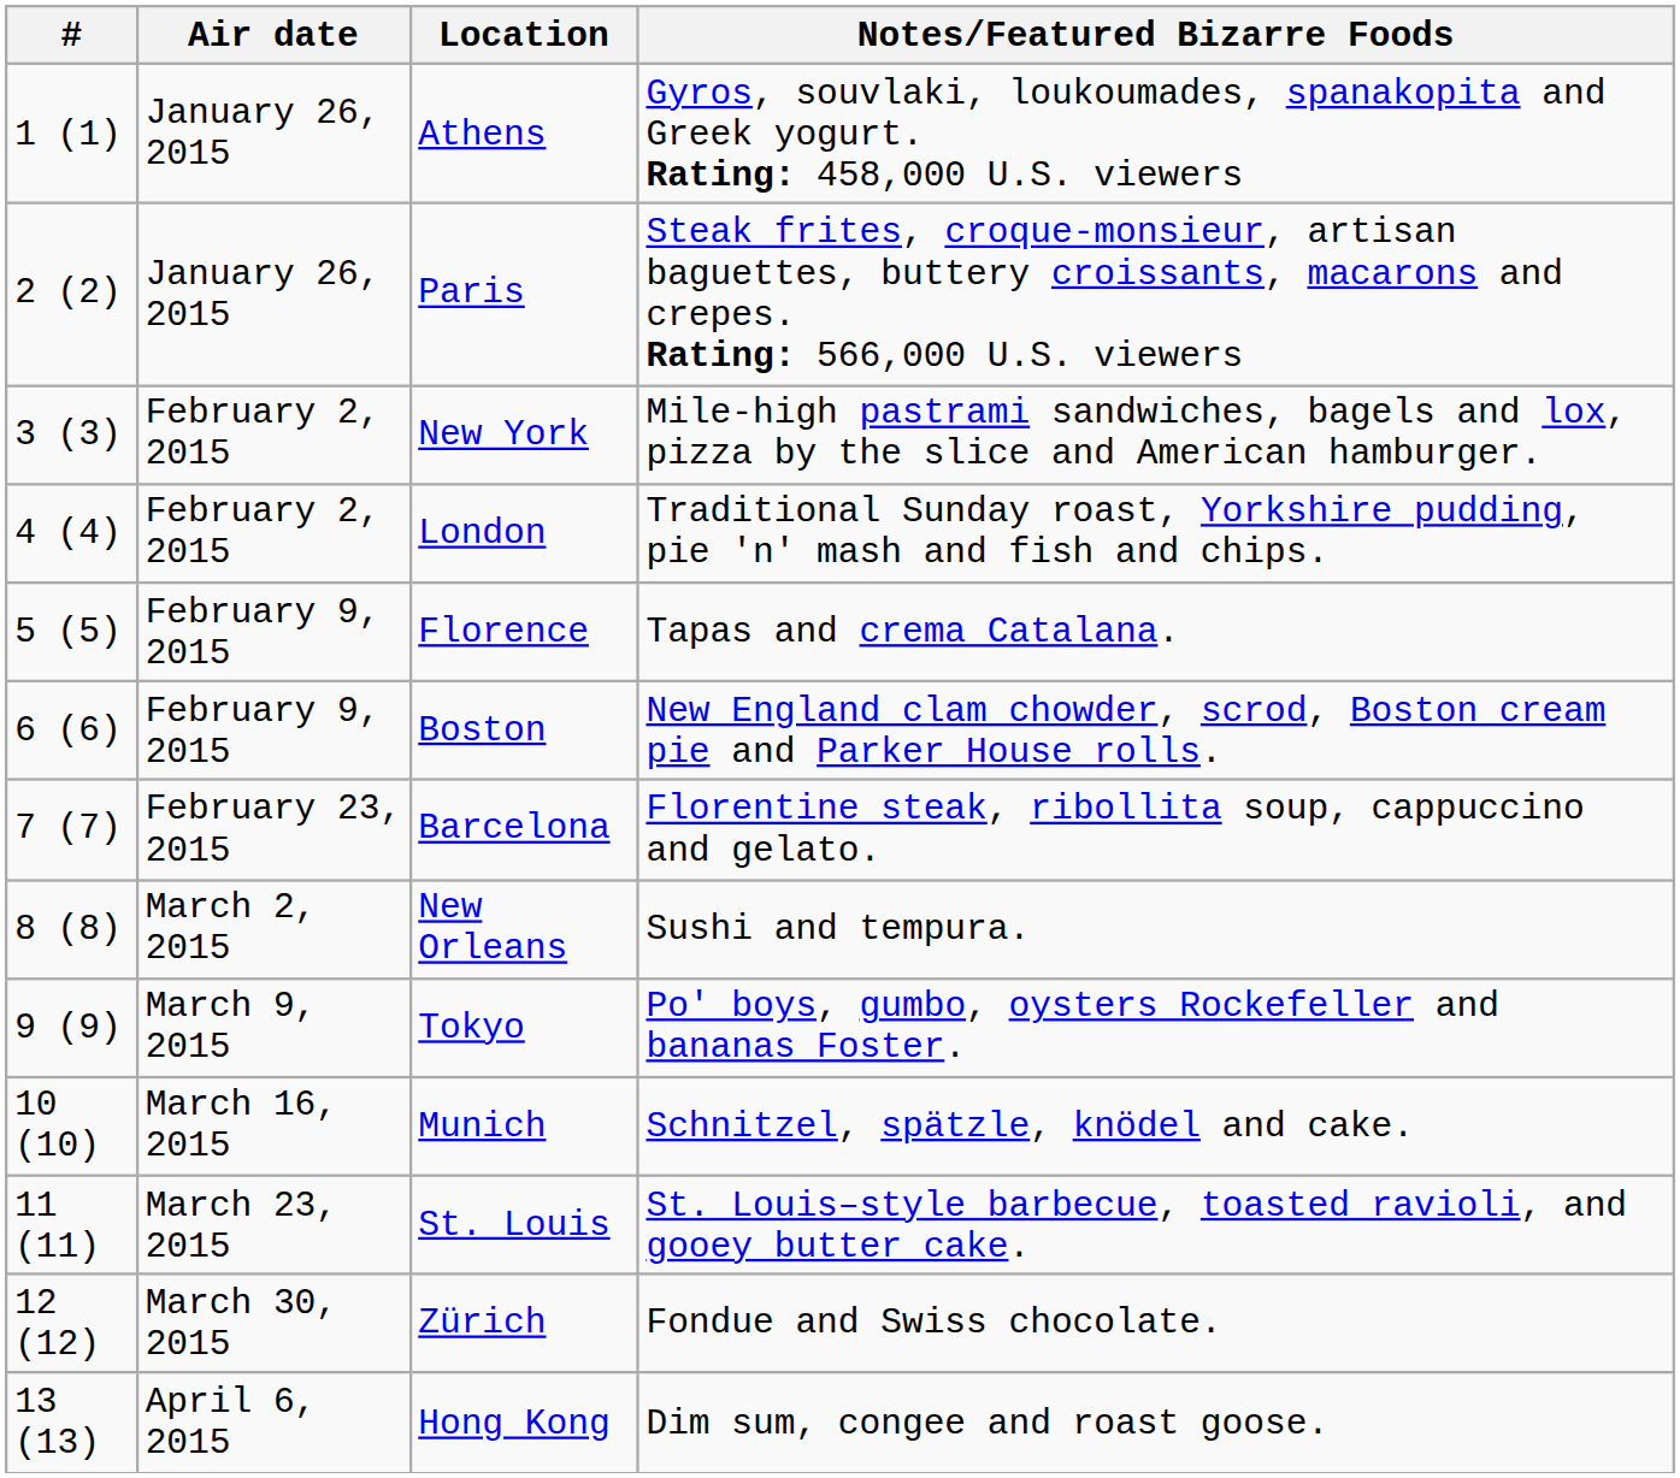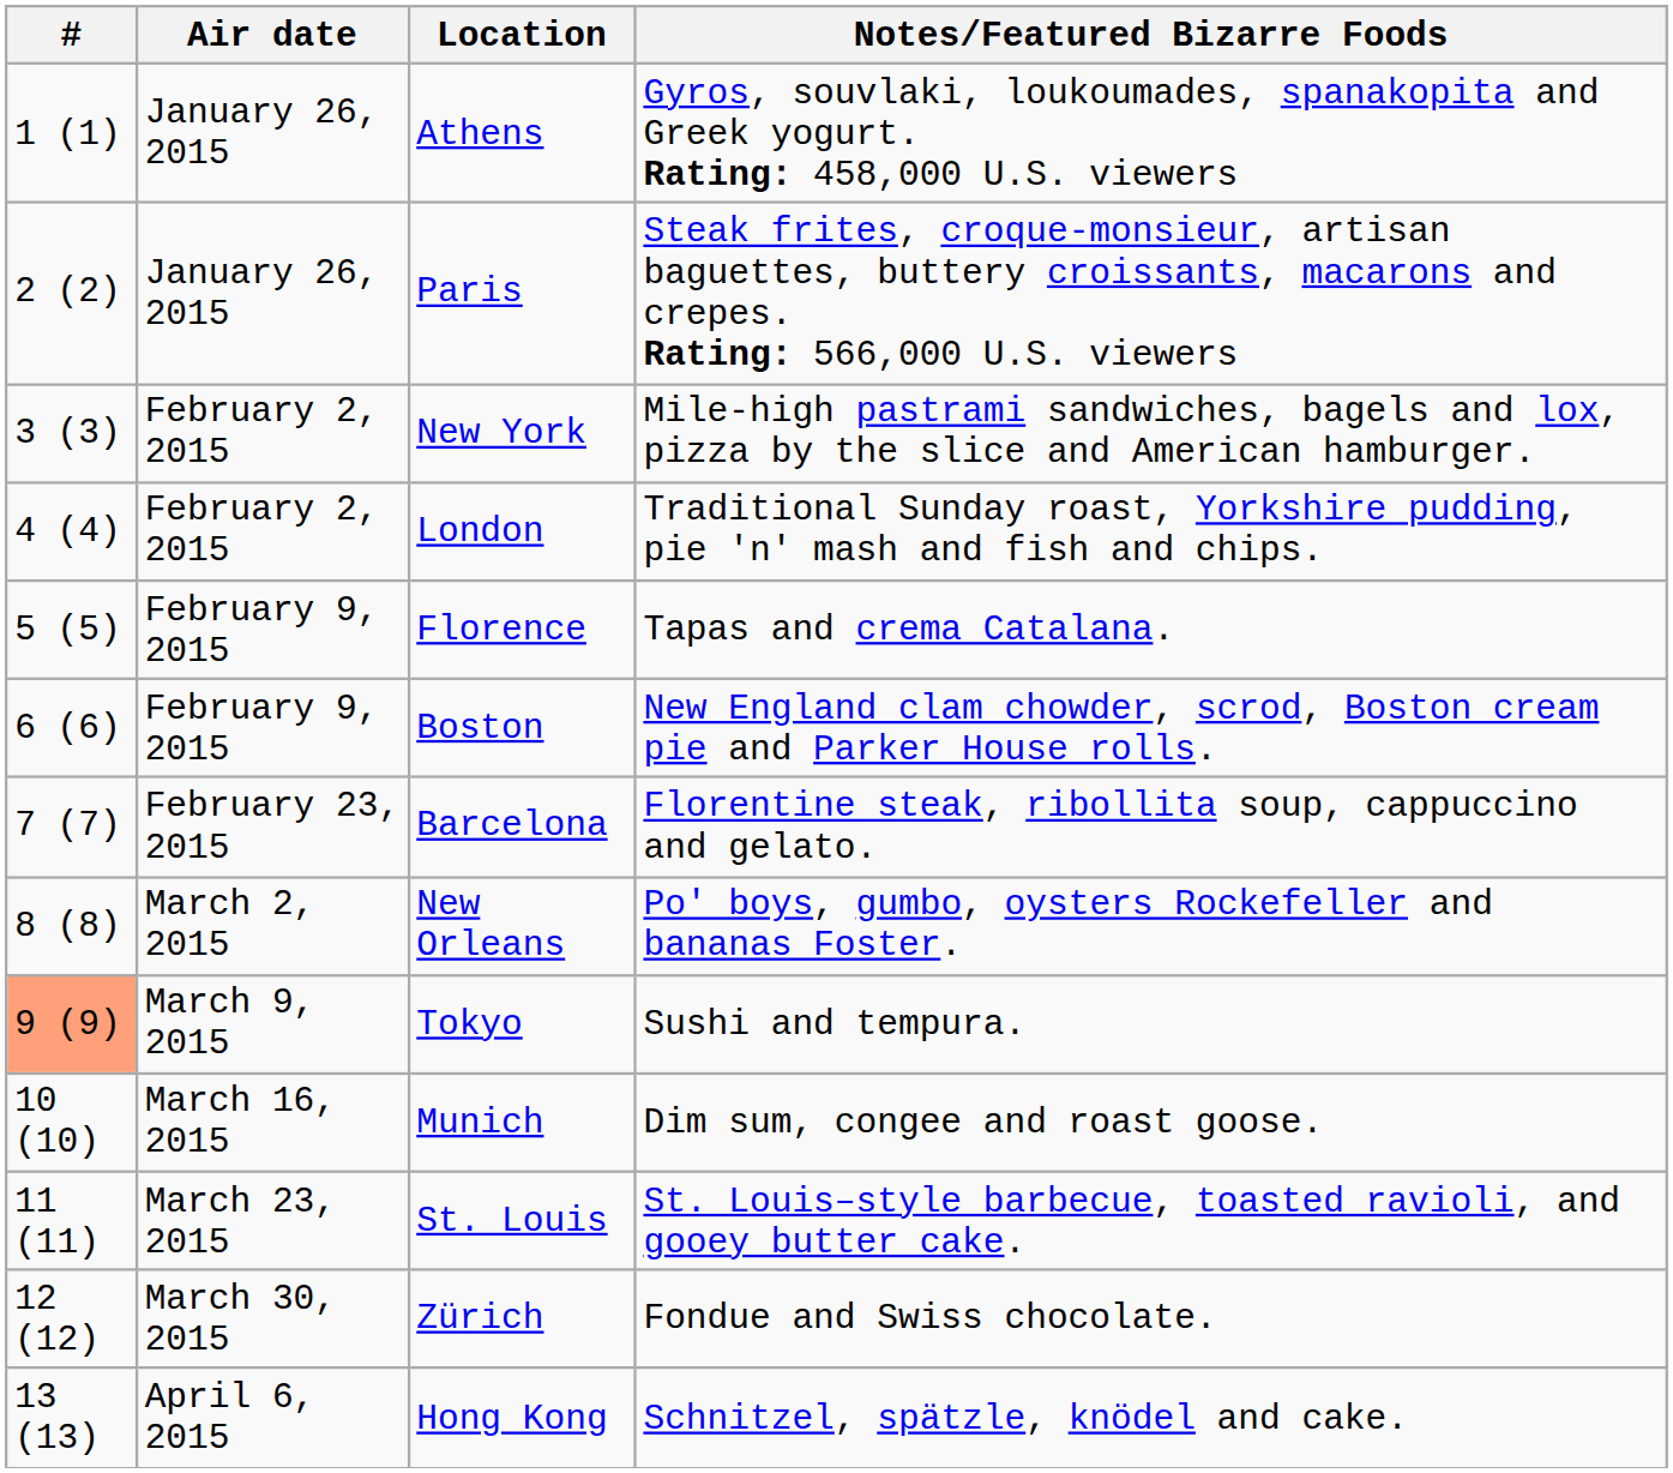 <table class="wikitable">
 <tr style="background:#EFEFEF">
 <th>#</th>
 <th>Air date</th>
 <th>Location</th>
 <th>Notes/Featured Bizarre Foods</th>
 </tr>
 <tr>
 <td>1 (1)</td>
 <td>January 26, 2015</td>
 <td><a href='#'>Athens</a></td>
 <td><a href='#'>Gyros</a>, souvlaki, loukoumades, <a href='#'>spanakopita</a> and Greek yogurt.<br><strong>Rating: </strong>458,000 U.S. viewers</td>
 </tr>
 <tr>
 <td>2 (2)</td>
 <td>January 26, 2015</td>
 <td><a href='#'>Paris</a></td>
 <td><a href='#'>Steak frites</a>, <a href='#'>croque-monsieur</a>, artisan baguettes, buttery <a href='#'>croissants</a>, <a href='#'>macarons</a> and crepes.<br><strong>Rating: </strong>566,000 U.S. viewers</td>
 </tr>
 <tr>
 <td>3 (3)</td>
 <td>February 2, 2015</td>
 <td><a href='#'>New York</a></td>
 <td>Mile-high <a href='#'>pastrami</a> sandwiches, bagels and <a href='#'>lox</a>, pizza by the slice and American hamburger.</td>
 </tr>
 <tr>
 <td>4 (4)</td>
 <td>February 2, 2015</td>
 <td><a href='#'>London</a></td>
 <td>Traditional Sunday roast, <a href='#'>Yorkshire pudding</a>, pie 'n' mash and fish and chips.</td>
 </tr>
 <tr>
 <td>5 (5)</td>
 <td>February 9, 2015</td>
 <td><a href='#'>Florence</a></td>
 <td>Tapas and <a href='#'>crema Catalana</a>.</td>
 </tr>
 <tr>
 <td>6 (6)</td>
 <td>February 9, 2015</td>
 <td><a href='#'>Boston</a></td>
 <td><a href='#'>New England clam chowder</a>, <a href='#'>scrod</a>, <a href='#'>Boston cream pie</a> and <a href='#'>Parker House rolls</a>.</td>
 </tr>
 <tr>
 <td>7 (7)</td>
 <td>February 23, 2015</td>
 <td><a href='#'>Barcelona</a></td>
 <td><a href='#'>Florentine steak</a>, <a href='#'>ribollita</a> soup, cappuccino and gelato.</td>
 </tr>
 <tr>
 <td>8 (8)</td>
 <td>March 2, 2015</td>
 <td><a href='#'>New Orleans</a></td>
-<td>Sushi and tempura.</td>
+<td><a href='#'>Po' boys</a>, <a href='#'>gumbo</a>, <a href='#'>oysters Rockefeller</a> and <a href='#'>bananas Foster</a>.</td>
 </tr>
 <tr>
-<td>9 (9)</td>
+<td style="background: lightsalmon;">9 (9)</td>
 <td>March 9, 2015</td>
 <td><a href='#'>Tokyo</a></td>
-<td><a href='#'>Po' boys</a>, <a href='#'>gumbo</a>, <a href='#'>oysters Rockefeller</a> and <a href='#'>bananas Foster</a>.</td>
+<td>Sushi and tempura.</td>
 </tr>
 <tr>
 <td>10 (10)</td>
 <td>March 16, 2015</td>
 <td><a href='#'>Munich</a></td>
-<td><a href='#'>Schnitzel</a>, <a href='#'>spätzle</a>, <a href='#'>knödel</a> and cake.</td>
+<td>Dim sum, congee and roast goose.</td>
 </tr>
 <tr>
 <td>11 (11)</td>
 <td>March 23, 2015</td>
 <td><a href='#'>St. Louis</a></td>
 <td><a href='#'>St. Louis–style barbecue</a>, <a href='#'>toasted ravioli</a>, and <a href='#'>gooey butter cake</a>.</td>
 </tr>
 <tr>
 <td>12 (12)</td>
 <td>March 30, 2015</td>
 <td><a href='#'>Zürich</a></td>
 <td>Fondue and Swiss chocolate.</td>
 </tr>
 <tr>
 <td>13 (13)</td>
 <td>April 6, 2015</td>
 <td><a href='#'>Hong Kong</a></td>
-<td>Dim sum, congee and roast goose.</td>
+<td><a href='#'>Schnitzel</a>, <a href='#'>spätzle</a>, <a href='#'>knödel</a> and cake.</td>
 </tr>
 <tr>
 </tr>
 </table>
